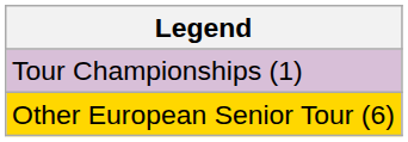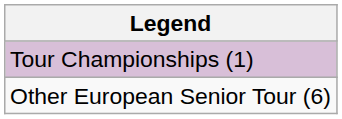 <table class="wikitable" style="font-size:95%;">
 <tr>
 <th>Legend</th>
 </tr>
 <tr style="background:thistle;">
 <td>Tour Championships (1)</td>
 </tr>
 <tr>
-<td style="background: gold;">Other European Senior Tour (6)</td>
+<td>Other European Senior Tour (6)</td>
 </tr>
 </table>
